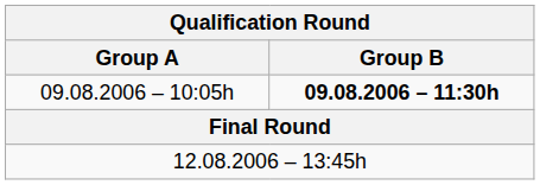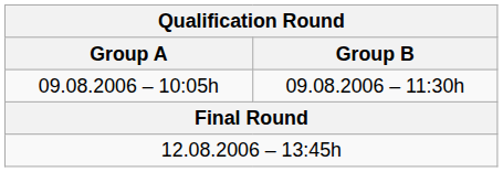 <table class="wikitable" style=" text-align:center; font-size:110%;" width="35%">
 <tr>
 <th colspan="2">Qualification Round</th>
 </tr>
 <tr>
 <th>Group A</th>
 <th>Group B</th>
 </tr>
 <tr>
 <td>09.08.2006 – 10:05h</td>
-<td><strong>09.08.2006 – 11:30h</strong></td>
+<td>09.08.2006 – 11:30h</td>
 </tr>
 <tr>
 <th colspan="2">Final Round</th>
 </tr>
 <tr>
 <td colspan="2">12.08.2006 – 13:45h</td>
 </tr>
 </table>
